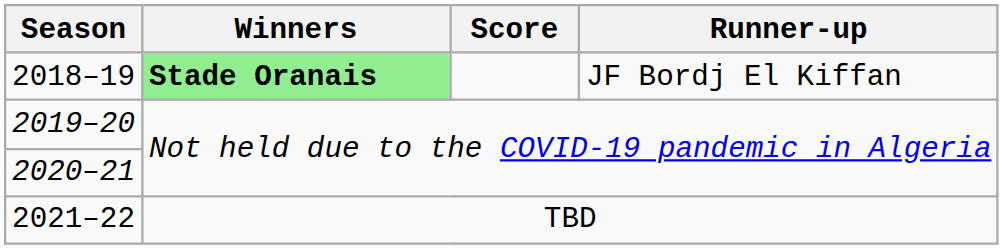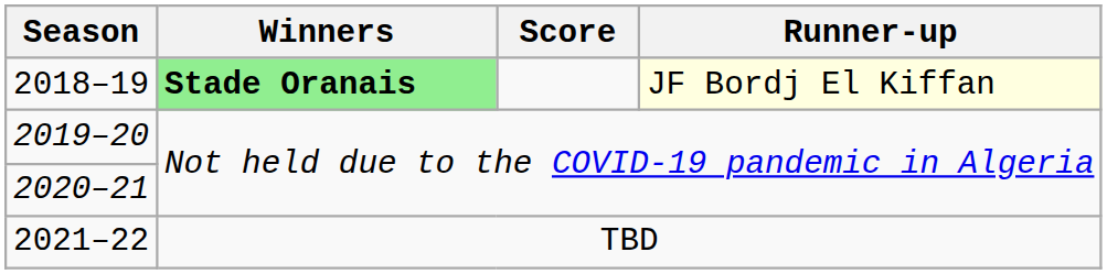 <table class="wikitable">
 <tr>
 <th>Season</th>
 <th>Winners</th>
 <th>Score</th>
 <th>Runner-up</th>
 </tr>
 <tr>
 <td>2018–19</td>
 <td style="background: lightgreen;"><strong>Stade Oranais</strong></td>
 <td align=center></td>
-<td>JF Bordj El Kiffan</td>
+<td style="background: lightyellow;">JF Bordj El Kiffan</td>
 </tr>
 <tr>
 <td><em>2019–20</em></td>
 <td align=center colspan=3 rowspan=2><em>Not held due to the <a href='#'>COVID-19 pandemic in Algeria</a></em></td>
 </tr>
 <tr>
 <td><em>2020–21</em></td>
 </tr>
 <tr>
 <td>2021–22</td>
 <td align=center colspan=4>TBD</td>
 </tr>
 </table>
